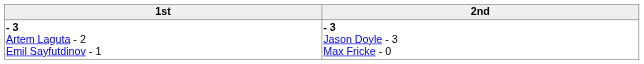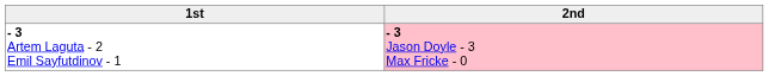 <table border="1" cellpadding="2" cellspacing="0"  style="width:75%; border-collapse:collapse;">
 <tr style="text-align:left; background:#efefef;">
 <th width=15% align=center >1st</th>
 <th width=15% align=center >2nd</th>
 </tr>
 <tr align=left>
 <td valign=top align=left ><strong> - 3</strong><br><a href='#'>Artem Laguta</a> - 2<br><a href='#'>Emil Sayfutdinov</a> - 1</td>
-<td valign=top align=left ><strong> - 3</strong><br><a href='#'>Jason Doyle</a> - 3<br><a href='#'>Max Fricke</a> - 0</td>
+<td valign=top align=left  style="background: pink;"><strong> - 3</strong><br><a href='#'>Jason Doyle</a> - 3<br><a href='#'>Max Fricke</a> - 0</td>
 </tr>
 </table>
